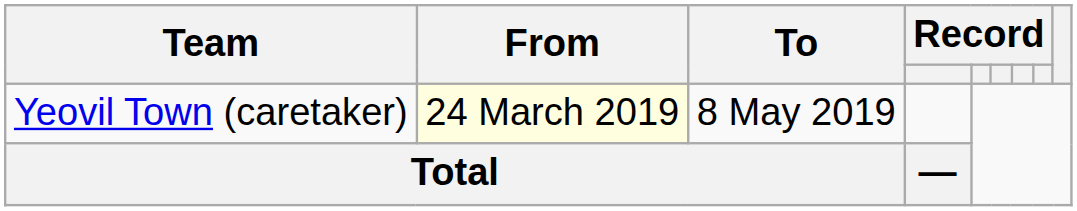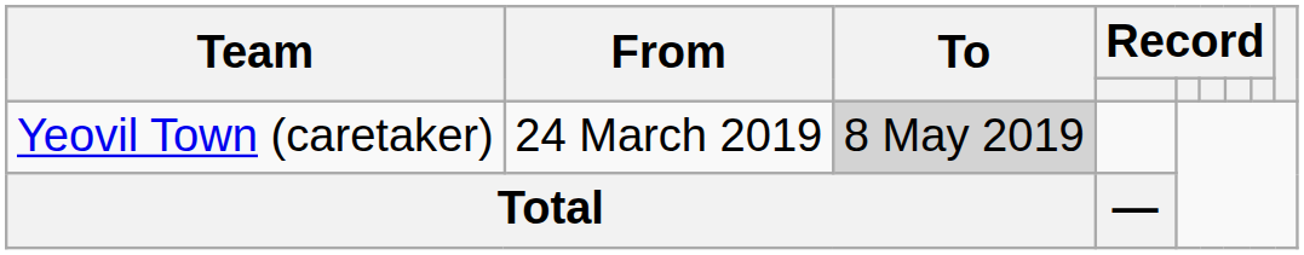 <table class=wikitable style="text-align: center">
 <tr>
 <th rowspan=2>Team</th>
 <th rowspan=2>From</th>
 <th rowspan=2>To</th>
 <th colspan=5>Record</th>
 <th rowspan=2></th>
 </tr>
 <tr>
 <th></th>
 <th></th>
 <th></th>
 <th></th>
 <th></th>
 </tr>
 <tr>
 <td align=left><a href='#'>Yeovil Town</a> (caretaker)</td>
-<td align=left style="background: lightyellow;">24 March 2019</td>
-<td align=left>8 May 2019<br></td>
+<td align=left>24 March 2019</td>
+<td align=left style="background: lightgrey;">8 May 2019<br></td>
 <td></td>
 </tr>
 <tr>
 <th colspan=3>Total<br></th>
 <th>—</th>
 </tr>
 </table>
